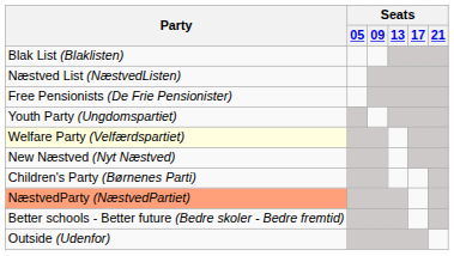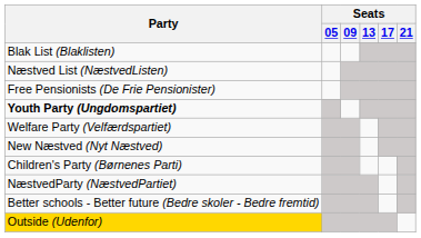 <table class="wikitable">
 <tr>
 <th rowspan=2>Party</th>
 <th colspan=11>Seats</th>
 </tr>
 <tr>
 <th><a href='#'>05</a></th>
 <th><a href='#'>09</a></th>
 <th><a href='#'>13</a></th>
 <th><a href='#'>17</a></th>
 <th><a href='#'>21</a></th>
 </tr>
 <tr>
 <td>Blak List <em>(Blaklisten)</em></td>
 <td></td>
 <td></td>
 <td style="background:#CDC9C9;" colspan=3></td>
 </tr>
 <tr>
 <td>Næstved List <em>(NæstvedListen)</em></td>
 <td></td>
 <td style="background:#CDC9C9;" colspan=4></td>
 </tr>
 <tr>
 <td>Free Pensionists <em>(De Frie Pensionister)</em></td>
 <td></td>
 <td style="background:#CDC9C9;" colspan=4></td>
 </tr>
 <tr>
-<td>Youth Party <em>(Ungdomspartiet)</em></td>
+<td><strong>Youth Party <em>(Ungdomspartiet)</em></strong></td>
 <td style="background:#CDC9C9;"></td>
 <td></td>
 <td style="background:#CDC9C9;" colspan=3></td>
 </tr>
 <tr>
-<td style="background: lightyellow;">Welfare Party <em>(Velfærdspartiet)</em></td>
+<td>Welfare Party <em>(Velfærdspartiet)</em></td>
 <td style="background:#CDC9C9;" colspan=2></td>
 <td></td>
 <td style="background:#CDC9C9;" colspan=2></td>
 </tr>
 <tr>
 <td>New Næstved <em>(Nyt Næstved)</em></td>
 <td style="background:#CDC9C9;" colspan=2></td>
 <td></td>
 <td style="background:#CDC9C9;" colspan=2></td>
 </tr>
 <tr>
 <td>Children's Party <em>(Børnenes Parti)</em></td>
 <td style="background:#CDC9C9;" colspan=2></td>
 <td></td>
 <td></td>
 <td style="background:#CDC9C9;"></td>
 </tr>
 <tr>
-<td style="background: lightsalmon;">NæstvedParty <em>(NæstvedPartiet)</em></td>
+<td>NæstvedParty <em>(NæstvedPartiet)</em></td>
 <td style="background:#CDC9C9;" colspan=3></td>
 <td></td>
 <td style="background:#CDC9C9;"></td>
 </tr>
 <tr>
 <td>Better schools - Better future <em>(Bedre skoler - Bedre fremtid)</em></td>
 <td style="background:#CDC9C9;" colspan=3></td>
 <td></td>
 <td style="background:#CDC9C9;"></td>
 </tr>
 <tr>
-<td>Outside <em>(Udenfor)</em></td>
+<td style="background: gold;">Outside <em>(Udenfor)</em></td>
 <td style="background:#CDC9C9;" colspan=4></td>
 <td></td>
 </tr>
 </table>
